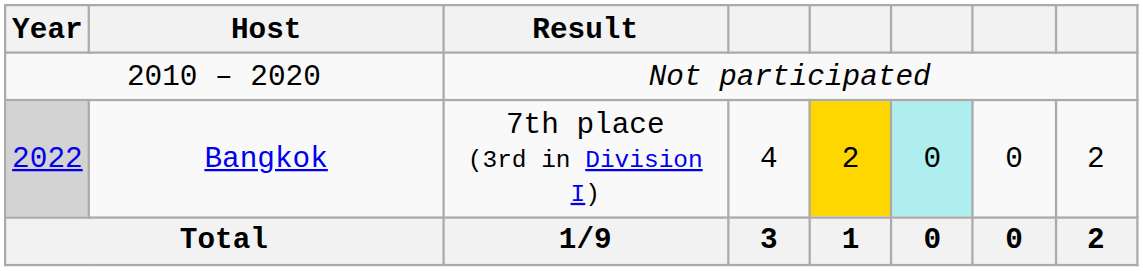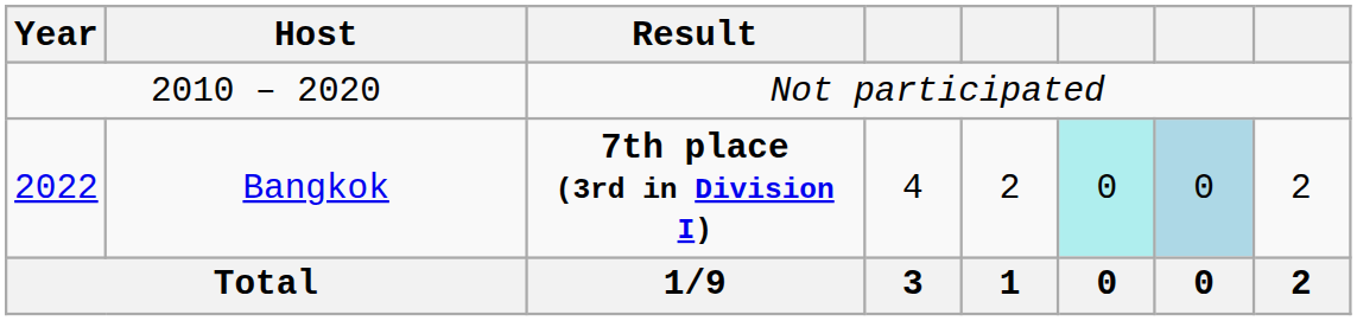 <table class="wikitable" style="text-align:center">
 <tr>
 <th width=30>Year</th>
 <th width=150>Host</th>
 <th width=120>Result</th>
 <th width=30></th>
 <th width=30></th>
 <th width=30></th>
 <th width=30></th>
 <th width=30></th>
 </tr>
 <tr>
 <td colspan="2">2010 – 2020</td>
 <td colspan=6><em>Not participated</em></td>
 </tr>
 <tr>
-<td style="background: lightgrey;"><a href='#'>2022</a></td>
+<td><a href='#'>2022</a></td>
 <td> <a href='#'>Bangkok</a></td>
-<td>7th place<br><small>(3rd in <a href='#'>Division I</a>)</small></td>
+<td><strong>7th place<br><small>(3rd in <a href='#'>Division I</a>)</small></strong></td>
 <td>4</td>
-<td style="background: gold;">2</td>
+<td>2</td>
 <td style="background: paleturquoise;">0</td>
-<td>0</td>
+<td style="background: lightblue;">0</td>
 <td>2</td>
 </tr>
 <tr>
 <th colspan=2>Total</th>
 <th>1/9</th>
 <th>3</th>
 <th>1</th>
 <th>0</th>
 <th>0</th>
 <th>2</th>
 </tr>
 </table>
